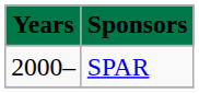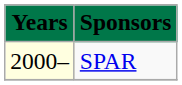 <table class="wikitable collapsible" border="1">
 <tr>
 <th style="background:#007749;"><span>Years</span></th>
 <th style="background:#007749;"><span>Sponsors</span></th>
 </tr>
 <tr>
-<td>2000–</td>
+<td style="background: lightyellow;">2000–</td>
 <td><a href='#'>SPAR</a></td>
 </tr>
 <tr>
 </tr>
 </table>
